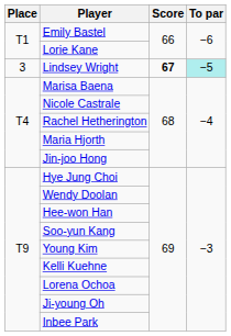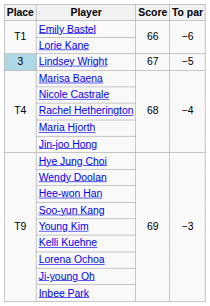 <table class="wikitable">
 <tr>
 <th>Place</th>
 <th>Player</th>
 <th>Score</th>
 <th>To par</th>
 </tr>
 <tr>
 <td rowspan="2" align=center>T1</td>
 <td> <a href='#'>Emily Bastel</a></td>
 <td rowspan="2" align=center>66</td>
 <td rowspan="2" align=center>−6</td>
 </tr>
 <tr>
 <td> <a href='#'>Lorie Kane</a></td>
 </tr>
 <tr>
-<td align=center>3</td>
+<td align=center style="background: lightblue;">3</td>
 <td> <a href='#'>Lindsey Wright</a></td>
-<td align=center><strong>67</strong></td>
-<td align=center style="background: paleturquoise;">−5</td>
+<td align=center>67</td>
+<td align=center>−5</td>
 </tr>
 <tr>
 <td rowspan="5" align=center>T4</td>
 <td> <a href='#'>Marisa Baena</a></td>
 <td rowspan="5" align=center>68</td>
 <td rowspan="5" align=center>−4</td>
 </tr>
 <tr>
 <td> <a href='#'>Nicole Castrale</a></td>
 </tr>
 <tr>
 <td> <a href='#'>Rachel Hetherington</a></td>
 </tr>
 <tr>
 <td> <a href='#'>Maria Hjorth</a></td>
 </tr>
 <tr>
 <td> <a href='#'>Jin-joo Hong</a></td>
 </tr>
 <tr>
 <td rowspan="9" align=center>T9</td>
 <td> <a href='#'>Hye Jung Choi</a></td>
 <td rowspan="9" align=center>69</td>
 <td rowspan="9" align=center>−3</td>
 </tr>
 <tr>
 <td> <a href='#'>Wendy Doolan</a></td>
 </tr>
 <tr>
 <td> <a href='#'>Hee-won Han</a></td>
 </tr>
 <tr>
 <td> <a href='#'>Soo-yun Kang</a></td>
 </tr>
 <tr>
 <td> <a href='#'>Young Kim</a></td>
 </tr>
 <tr>
 <td> <a href='#'>Kelli Kuehne</a></td>
 </tr>
 <tr>
 <td> <a href='#'>Lorena Ochoa</a></td>
 </tr>
 <tr>
 <td> <a href='#'>Ji-young Oh</a></td>
 </tr>
 <tr>
 <td> <a href='#'>Inbee Park</a></td>
 </tr>
 </table>
